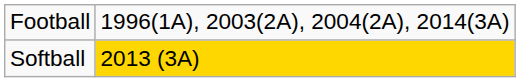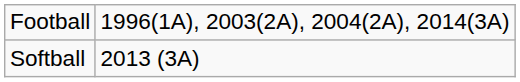 <table class="wikitable">
 <tr>
 <td>Football</td>
 <td>1996(1A), 2003(2A), 2004(2A), 2014(3A)</td>
 </tr>
 <tr>
 <td>Softball</td>
-<td style="background: gold;">2013 (3A)</td>
+<td>2013 (3A)</td>
 </tr>
 </table>
